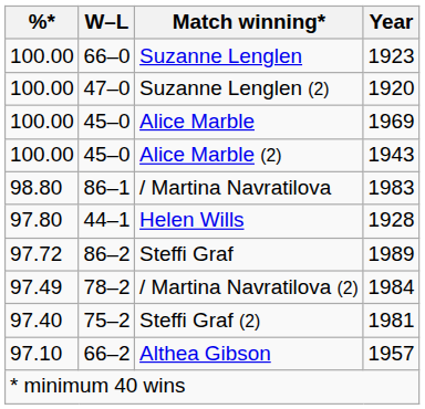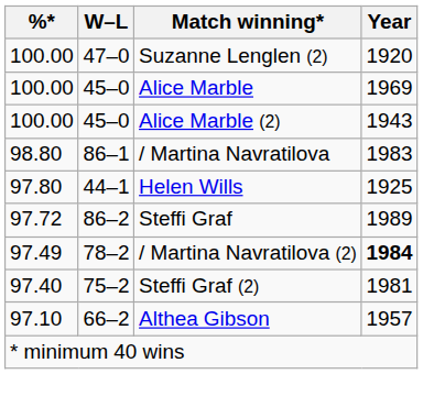 <table class=wikitable style="display:inline-table;">
 <tr>
 <th>%*</th>
 <th>W–L</th>
 <th>Match winning*</th>
 <th>Year</th>
-</tr>
-<tr>
-<td>100.00</td>
-<td>66–0</td>
-<td> <a href='#'>Suzanne Lenglen</a></td>
-<td>1923</td>
 </tr>
 <tr>
 <td>100.00</td>
 <td>47–0</td>
 <td> Suzanne Lenglen <small>(2)</small></td>
 <td>1920</td>
 </tr>
 <tr>
 <td>100.00</td>
 <td>45–0</td>
 <td> <a href='#'>Alice Marble</a></td>
 <td>1969</td>
 </tr>
 <tr>
 <td>100.00</td>
 <td>45–0</td>
 <td> <a href='#'>Alice Marble</a> <small>(2)</small></td>
 <td>1943</td>
 </tr>
 <tr>
 <td>98.80</td>
 <td>86–1</td>
 <td>/ Martina Navratilova</td>
 <td>1983</td>
 </tr>
 <tr>
 <td>97.80</td>
 <td>44–1</td>
 <td> <a href='#'>Helen Wills</a></td>
-<td>1928</td>
+<td>1925</td>
 </tr>
 <tr>
 <td>97.72</td>
 <td>86–2</td>
 <td> Steffi Graf</td>
 <td>1989</td>
 </tr>
 <tr>
 <td>97.49</td>
 <td>78–2</td>
 <td>/ Martina Navratilova <small>(2)</small></td>
-<td>1984</td>
+<td><strong>1984</strong></td>
 </tr>
 <tr>
 <td>97.40</td>
 <td>75–2</td>
 <td> Steffi Graf <small>(2)</small></td>
 <td>1981</td>
 </tr>
 <tr>
 <td>97.10</td>
 <td>66–2</td>
 <td> <a href='#'>Althea Gibson</a></td>
 <td>1957</td>
 </tr>
 <tr>
 <td colspan="4">* minimum 40 wins</td>
 </tr>
 </table>
